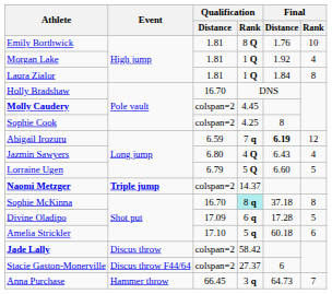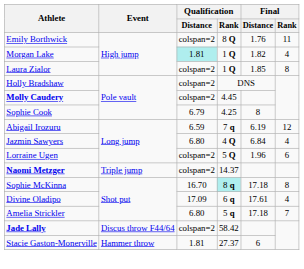 <table class="wikitable" style="font-size:90%; text-align:center">
 <tr>
 <th rowspan=2>Athlete</th>
 <th rowspan=2>Event</th>
 <th colspan=2>Qualification</th>
 <th colspan=2>Final</th>
 </tr>
 <tr style="font-size:95%">
 <th>Distance</th>
 <th>Rank</th>
 <th>Distance</th>
 <th>Rank</th>
 </tr>
 <tr>
 <td align=left><a href='#'>Emily Borthwick</a></td>
 <td align=left rowspan=3><a href='#'>High jump</a></td>
-<td>1.81</td>
+<td>colspan=2 </td>
 <td>8 <strong>Q</strong></td>
 <td>1.76</td>
-<td>10</td>
+<td>11</td>
 </tr>
 <tr>
 <td align=left><a href='#'>Morgan Lake</a></td>
-<td>1.81</td>
+<td style="background: paleturquoise;">1.81</td>
 <td>1 <strong>Q</strong></td>
-<td>1.92</td>
+<td>1.82</td>
 <td>4</td>
 </tr>
 <tr>
 <td align=left><a href='#'>Laura Zialor</a></td>
-<td>1.81</td>
+<td>colspan=2 </td>
 <td>1 <strong>Q</strong></td>
-<td>1.84</td>
+<td>1.85</td>
 <td>8</td>
 </tr>
 <tr>
 <td align=left><a href='#'>Holly Bradshaw</a></td>
 <td align=left rowspan=3><a href='#'>Pole vault</a></td>
-<td>16.70</td>
+<td>colspan=2 </td>
 <td colspan=2>DNS</td>
 </tr>
 <tr>
 <td align=left><strong><a href='#'>Molly Caudery</a></strong></td>
 <td>colspan=2 </td>
 <td>4.45</td>
 <td></td>
 </tr>
 <tr>
 <td align=left><a href='#'>Sophie Cook</a></td>
-<td>colspan=2 </td>
+<td>6.79</td>
 <td>4.25</td>
 <td>8</td>
 </tr>
 <tr>
 <td align=left><a href='#'>Abigail Irozuru</a></td>
 <td align=left rowspan=3><a href='#'>Long jump</a></td>
 <td>6.59</td>
 <td>7 <strong>q</strong></td>
-<td><strong>6.19</strong></td>
+<td>6.19</td>
 <td>12</td>
 </tr>
 <tr>
 <td align=left><a href='#'>Jazmin Sawyers</a></td>
 <td>6.80</td>
 <td>4 <strong>Q</strong></td>
-<td>6.43</td>
+<td>6.84</td>
 <td>4</td>
 </tr>
 <tr>
 <td align=left><a href='#'>Lorraine Ugen</a></td>
-<td>6.79</td>
+<td>colspan=2 </td>
 <td>5 <strong>Q</strong></td>
-<td>6.60</td>
-<td>5</td>
+<td>1.96</td>
+<td>6</td>
 </tr>
 <tr>
 <td align=left><strong><a href='#'>Naomi Metzger</a></strong></td>
-<td align=left><strong><a href='#'>Triple jump</a></strong></td>
+<td align=left><a href='#'>Triple jump</a></td>
 <td>colspan=2 </td>
 <td>14.37</td>
 <td></td>
 </tr>
 <tr>
 <td align=left><a href='#'>Sophie McKinna</a></td>
 <td align=left rowspan=3><a href='#'>Shot put</a></td>
 <td>16.70</td>
 <td style="background: paleturquoise;">8 <strong>q</strong></td>
-<td>37.18</td>
+<td>17.18</td>
 <td>8</td>
 </tr>
 <tr>
 <td align=left><a href='#'>Divine Oladipo</a></td>
 <td>17.09</td>
 <td>6 <strong>q</strong></td>
-<td>17.28</td>
-<td>5</td>
+<td>17.61</td>
+<td>4</td>
 </tr>
 <tr>
 <td align=left><a href='#'>Amelia Strickler</a></td>
-<td>17.10</td>
+<td>6.80</td>
 <td>5 <strong>q</strong></td>
-<td>60.18</td>
-<td>6</td>
+<td>17.18</td>
+<td>7</td>
 </tr>
 <tr>
 <td align=left><strong><a href='#'>Jade Lally</a></strong></td>
-<td align=left><a href='#'>Discus throw</a></td>
+<td align=left><a href='#'>Discus throw F44/64</a></td>
 <td>colspan=2 </td>
 <td>58.42</td>
 <td></td>
 </tr>
 <tr>
 <td align=left><a href='#'>Stacie Gaston-Monerville</a></td>
-<td align=left><a href='#'>Discus throw F44/64</a></td>
-<td>colspan=2 </td>
+<td align=left><a href='#'>Hammer throw</a></td>
+<td>1.81</td>
 <td>27.37</td>
 <td>6</td>
 </tr>
-<tr>
-<td align=left><a href='#'>Anna Purchase</a></td>
-<td align=left><a href='#'>Hammer throw</a></td>
-<td>66.45</td>
-<td>3 <strong>q</strong></td>
-<td>64.73</td>
-<td>7</td>
-</tr>
 </table>
